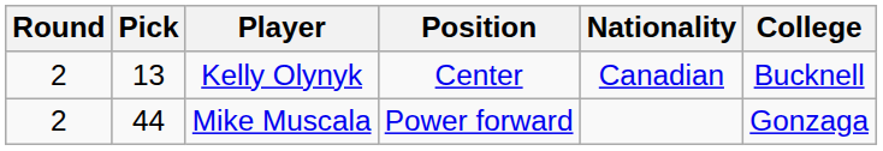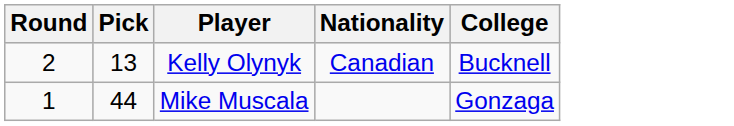 <table class="wikitable sortable sortable">
 <tr>
 <th>Round</th>
 <th>Pick</th>
 <th>Player</th>
-<th>Position</th>
 <th>Nationality</th>
 <th>College</th>
 </tr>
 <tr style="text-align: center">
 <td>2</td>
 <td>13</td>
 <td><a href='#'>Kelly Olynyk</a></td>
-<td><a href='#'>Center</a></td>
 <td> <a href='#'>Canadian</a></td>
 <td><a href='#'>Bucknell</a></td>
 </tr>
 <tr style="text-align: center">
-<td>2</td>
+<td>1</td>
 <td>44</td>
 <td><a href='#'>Mike Muscala</a></td>
-<td><a href='#'>Power forward</a></td>
 <td></td>
 <td><a href='#'>Gonzaga</a></td>
 </tr>
 </table>
